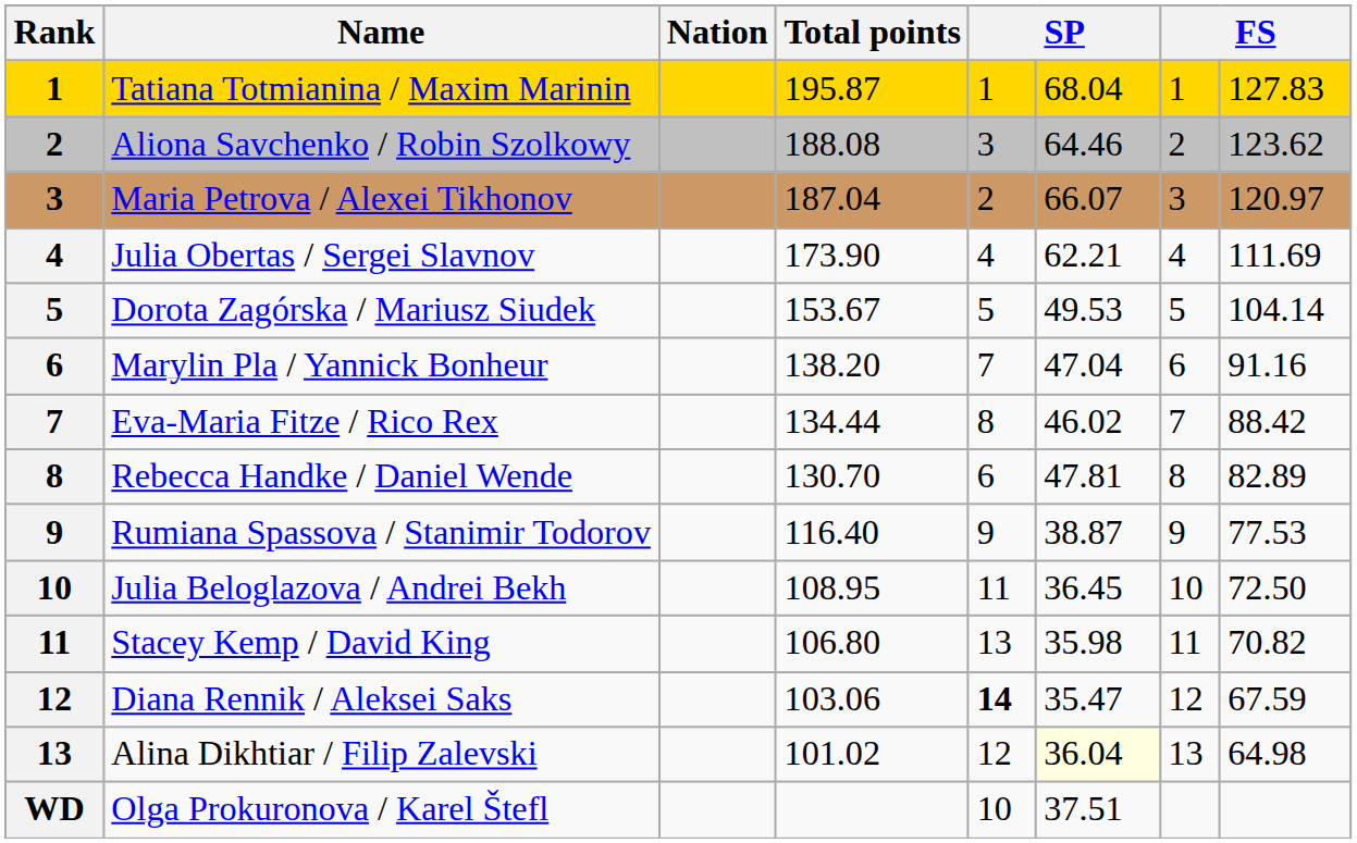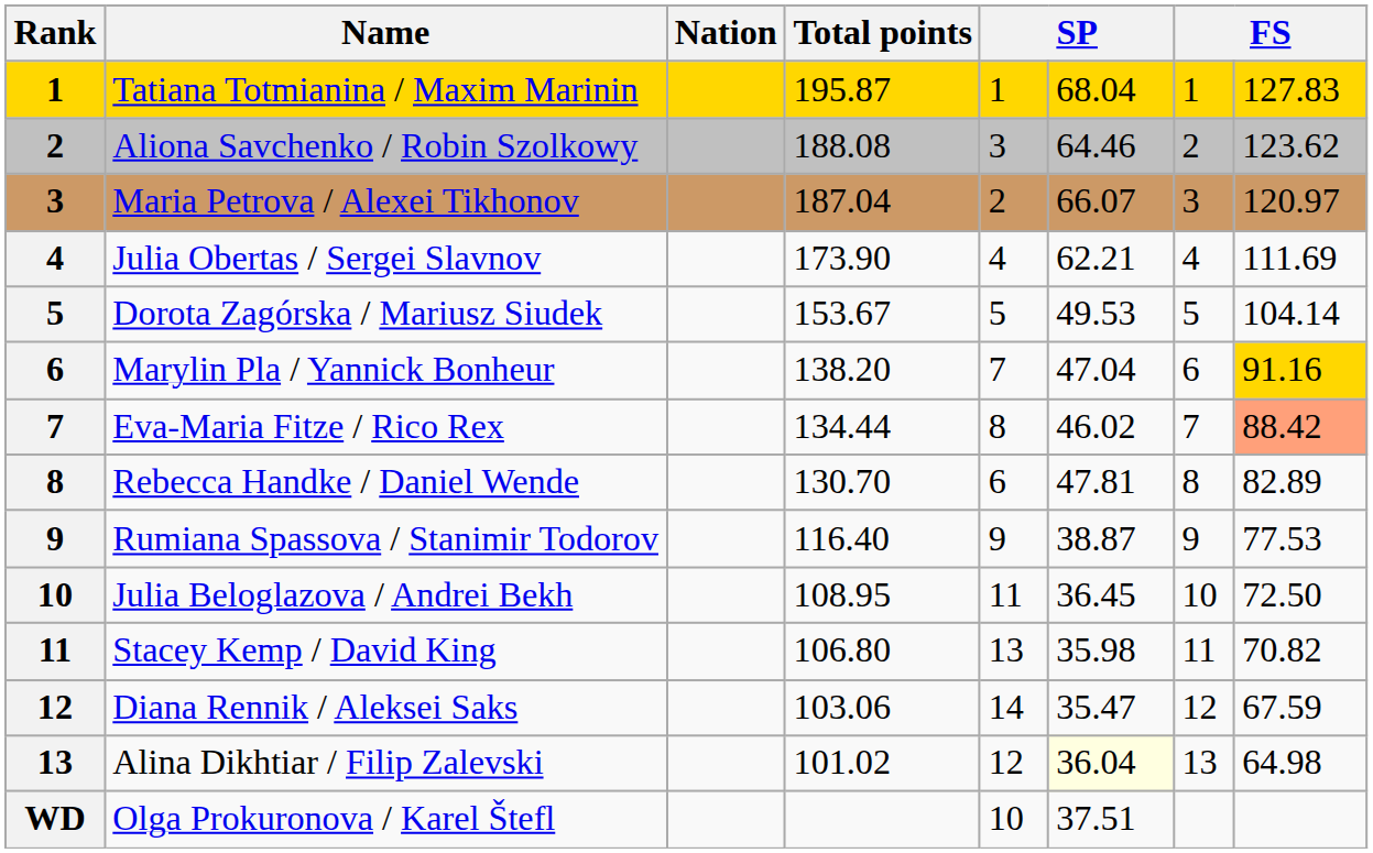 <table class="wikitable">
 <tr>
 <th>Rank</th>
 <th>Name</th>
 <th>Nation</th>
 <th>Total points</th>
 <th colspan="2" width="80px"><a href='#'>SP</a></th>
 <th colspan="2" width="80px"><a href='#'>FS</a></th>
 </tr>
 <tr bgcolor="gold">
 <td align="center"><strong>1</strong></td>
 <td><a href='#'>Tatiana Totmianina</a> / <a href='#'>Maxim Marinin</a></td>
 <td></td>
 <td>195.87</td>
 <td>1</td>
 <td>68.04</td>
 <td>1</td>
 <td>127.83</td>
 </tr>
 <tr bgcolor="silver">
 <td align="center"><strong>2</strong></td>
 <td><a href='#'>Aliona Savchenko</a> / <a href='#'>Robin Szolkowy</a></td>
 <td></td>
 <td>188.08</td>
 <td>3</td>
 <td>64.46</td>
 <td>2</td>
 <td>123.62</td>
 </tr>
 <tr bgcolor="cc9966">
 <td align="center"><strong>3</strong></td>
 <td><a href='#'>Maria Petrova</a> / <a href='#'>Alexei Tikhonov</a></td>
 <td></td>
 <td>187.04</td>
 <td>2</td>
 <td>66.07</td>
 <td>3</td>
 <td>120.97</td>
 </tr>
 <tr>
 <th>4</th>
 <td><a href='#'>Julia Obertas</a> / <a href='#'>Sergei Slavnov</a></td>
 <td></td>
 <td>173.90</td>
 <td>4</td>
 <td>62.21</td>
 <td>4</td>
 <td>111.69</td>
 </tr>
 <tr>
 <th>5</th>
 <td><a href='#'>Dorota Zagórska</a> / <a href='#'>Mariusz Siudek</a></td>
 <td></td>
 <td>153.67</td>
 <td>5</td>
 <td>49.53</td>
 <td>5</td>
 <td>104.14</td>
 </tr>
 <tr>
 <th>6</th>
 <td><a href='#'>Marylin Pla</a> / <a href='#'>Yannick Bonheur</a></td>
 <td></td>
 <td>138.20</td>
 <td>7</td>
 <td>47.04</td>
 <td>6</td>
-<td>91.16</td>
+<td style="background: gold;">91.16</td>
 </tr>
 <tr>
 <th>7</th>
 <td><a href='#'>Eva-Maria Fitze</a> / <a href='#'>Rico Rex</a></td>
 <td></td>
 <td>134.44</td>
 <td>8</td>
 <td>46.02</td>
 <td>7</td>
-<td>88.42</td>
+<td style="background: lightsalmon;">88.42</td>
 </tr>
 <tr>
 <th>8</th>
 <td><a href='#'>Rebecca Handke</a> / <a href='#'>Daniel Wende</a></td>
 <td></td>
 <td>130.70</td>
 <td>6</td>
 <td>47.81</td>
 <td>8</td>
 <td>82.89</td>
 </tr>
 <tr>
 <th>9</th>
 <td><a href='#'>Rumiana Spassova</a> / <a href='#'>Stanimir Todorov</a></td>
 <td></td>
 <td>116.40</td>
 <td>9</td>
 <td>38.87</td>
 <td>9</td>
 <td>77.53</td>
 </tr>
 <tr>
 <th>10</th>
 <td><a href='#'>Julia Beloglazova</a> / <a href='#'>Andrei Bekh</a></td>
 <td></td>
 <td>108.95</td>
 <td>11</td>
 <td>36.45</td>
 <td>10</td>
 <td>72.50</td>
 </tr>
 <tr>
 <th>11</th>
 <td><a href='#'>Stacey Kemp</a> / <a href='#'>David King</a></td>
 <td></td>
 <td>106.80</td>
 <td>13</td>
 <td>35.98</td>
 <td>11</td>
 <td>70.82</td>
 </tr>
 <tr>
 <th>12</th>
 <td><a href='#'>Diana Rennik</a> / <a href='#'>Aleksei Saks</a></td>
 <td></td>
 <td>103.06</td>
-<td><strong>14</strong></td>
+<td>14</td>
 <td>35.47</td>
 <td>12</td>
 <td>67.59</td>
 </tr>
 <tr>
 <th>13</th>
 <td>Alina Dikhtiar / <a href='#'>Filip Zalevski</a></td>
 <td></td>
 <td>101.02</td>
 <td>12</td>
 <td style="background: lightyellow;">36.04</td>
 <td>13</td>
 <td>64.98</td>
 </tr>
 <tr>
 <th>WD</th>
 <td><a href='#'>Olga Prokuronova</a> / <a href='#'>Karel Štefl</a></td>
 <td></td>
 <td></td>
 <td>10</td>
 <td>37.51</td>
 <td></td>
 <td></td>
 </tr>
 </table>
